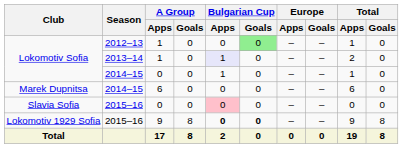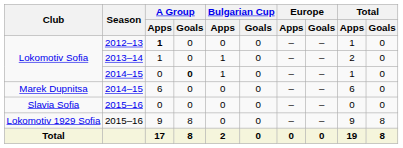 <table class="wikitable" style="text-align: center;">
 <tr>
 <th rowspan="2">Club</th>
 <th rowspan="2">Season</th>
 <th colspan="2"><a href='#'>A Group</a></th>
 <th colspan="2"><a href='#'>Bulgarian Cup</a></th>
 <th colspan="2">Europe</th>
 <th colspan="2">Total</th>
 </tr>
 <tr>
 <th>Apps</th>
 <th>Goals</th>
 <th>Apps</th>
 <th>Goals</th>
 <th>Apps</th>
 <th>Goals</th>
 <th>Apps</th>
 <th>Goals</th>
 </tr>
 <tr>
 <td rowspan="3"><a href='#'>Lokomotiv Sofia</a></td>
 <td><a href='#'>2012–13</a></td>
-<td>1</td>
+<td><strong>1</strong></td>
 <td>0</td>
 <td>0</td>
-<td style="background: lightgreen;">0</td>
+<td>0</td>
 <td>–</td>
 <td>–</td>
 <td>1</td>
 <td>0</td>
 </tr>
 <tr>
 <td><a href='#'>2013–14</a></td>
 <td>1</td>
 <td>0</td>
-<td style="background: lavender;">1</td>
+<td>1</td>
 <td>0</td>
 <td>–</td>
 <td>–</td>
 <td>2</td>
 <td>0</td>
 </tr>
 <tr>
 <td><a href='#'>2014–15</a></td>
 <td>0</td>
-<td>0</td>
+<td><strong>0</strong></td>
 <td>1</td>
 <td>0</td>
 <td>–</td>
 <td>–</td>
 <td>1</td>
 <td>0</td>
 </tr>
 <tr>
 <td rowspan="1"><a href='#'>Marek Dupnitsa</a></td>
 <td><a href='#'>2014–15</a></td>
 <td>6</td>
 <td>0</td>
 <td>0</td>
 <td>0</td>
 <td>–</td>
 <td>–</td>
 <td>6</td>
 <td>0</td>
 </tr>
 <tr>
 <td rowspan="1"><a href='#'>Slavia Sofia</a></td>
 <td><a href='#'>2015–16</a></td>
 <td>0</td>
 <td>0</td>
-<td style="background: pink;">0</td>
+<td>0</td>
 <td>0</td>
 <td>–</td>
 <td>–</td>
 <td>0</td>
 <td>0</td>
 </tr>
 <tr>
 <td rowspan="1"><a href='#'>Lokomotiv 1929 Sofia</a></td>
 <td>2015–16</td>
 <td>9</td>
 <td>8</td>
-<td><strong>0</strong></td>
-<td><strong>0</strong></td>
+<td>0</td>
+<td>0</td>
 <td>–</td>
 <td>–</td>
 <td>9</td>
 <td>8</td>
 </tr>
 <tr>
 <th style="text-align:center; background:beige;">Total</th>
 <th style="text-align:center; background:beige;"></th>
 <th style="text-align:center; background:beige;">17</th>
 <th style="text-align:center; background:beige;">8</th>
 <th style="text-align:center; background:beige;">2</th>
 <th style="text-align:center; background:beige;">0</th>
 <th style="text-align:center; background:beige;">0</th>
 <th style="text-align:center; background:beige;">0</th>
 <th style="text-align:center; background:beige;">19</th>
 <th style="text-align:center; background:beige;">8</th>
 </tr>
 </table>
